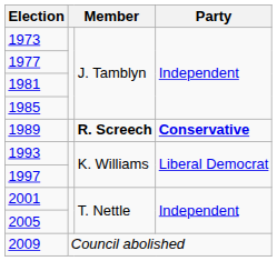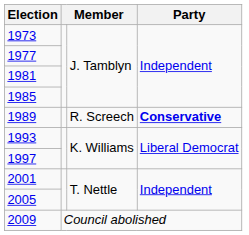 <table class="wikitable">
 <tr>
 <th>Election</th>
 <th colspan="2">Member</th>
 <th>Party</th>
 </tr>
 <tr>
 <td><a href='#'>1973</a></td>
 <td rowspan="4" style="background-color: "></td>
 <td rowspan="4">J. Tamblyn</td>
 <td rowspan="4"><a href='#'>Independent</a></td>
 </tr>
 <tr>
 <td><a href='#'>1977</a></td>
 </tr>
 <tr>
 <td><a href='#'>1981</a></td>
 </tr>
 <tr>
 <td><a href='#'>1985</a></td>
 </tr>
 <tr>
 <td><a href='#'>1989</a></td>
 <td rowspan="1" style="background-color: "></td>
-<td rowspan="1"><strong>R. Screech</strong></td>
+<td rowspan="1">R. Screech</td>
 <td rowspan="1"><strong><a href='#'>Conservative</a></strong></td>
 </tr>
 <tr>
 <td><a href='#'>1993</a></td>
 <td rowspan="2" style="background-color: "></td>
 <td rowspan="2">K. Williams</td>
 <td rowspan="2"><a href='#'>Liberal Democrat</a></td>
 </tr>
 <tr>
 <td><a href='#'>1997</a></td>
 </tr>
 <tr>
 <td><a href='#'>2001</a></td>
 <td rowspan="2" style="background-color: "></td>
 <td rowspan="2">T. Nettle</td>
 <td rowspan="2"><a href='#'>Independent</a></td>
 </tr>
 <tr>
 <td><a href='#'>2005</a></td>
 </tr>
 <tr>
 <td><a href='#'>2009</a></td>
 <td colspan="3"><em>Council abolished</em></td>
 </tr>
 </table>
